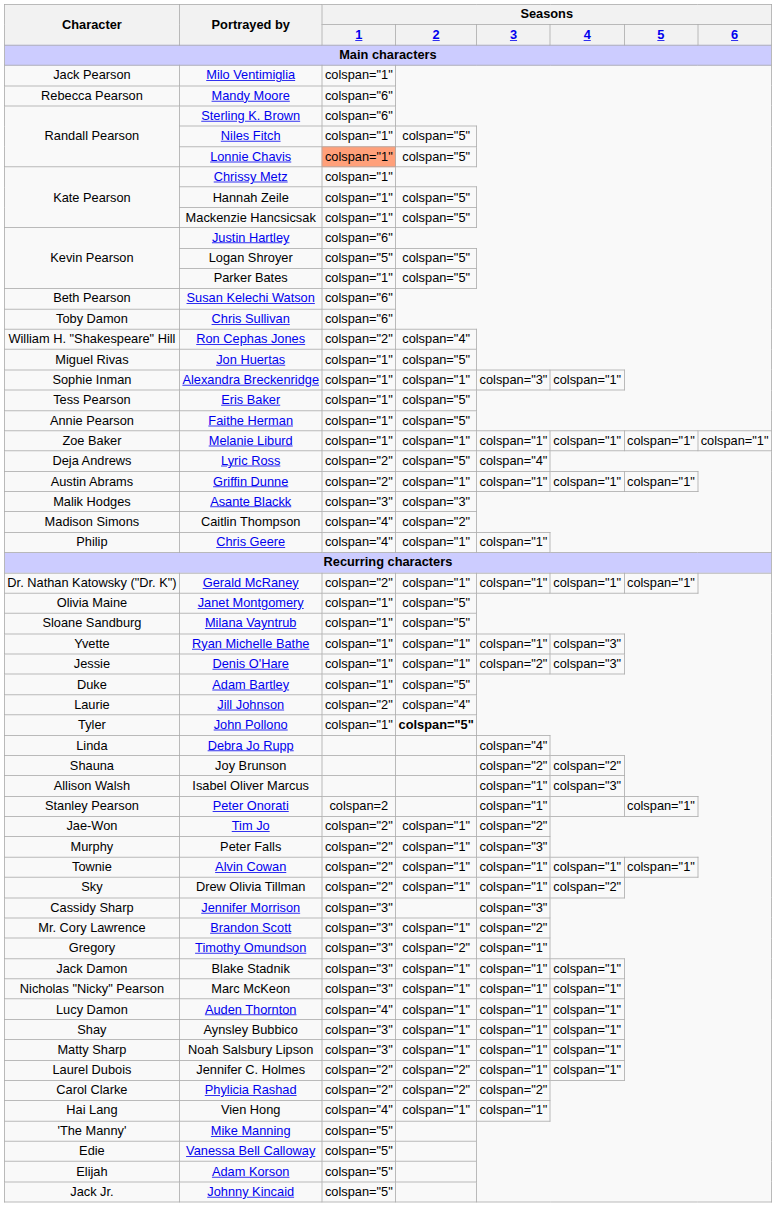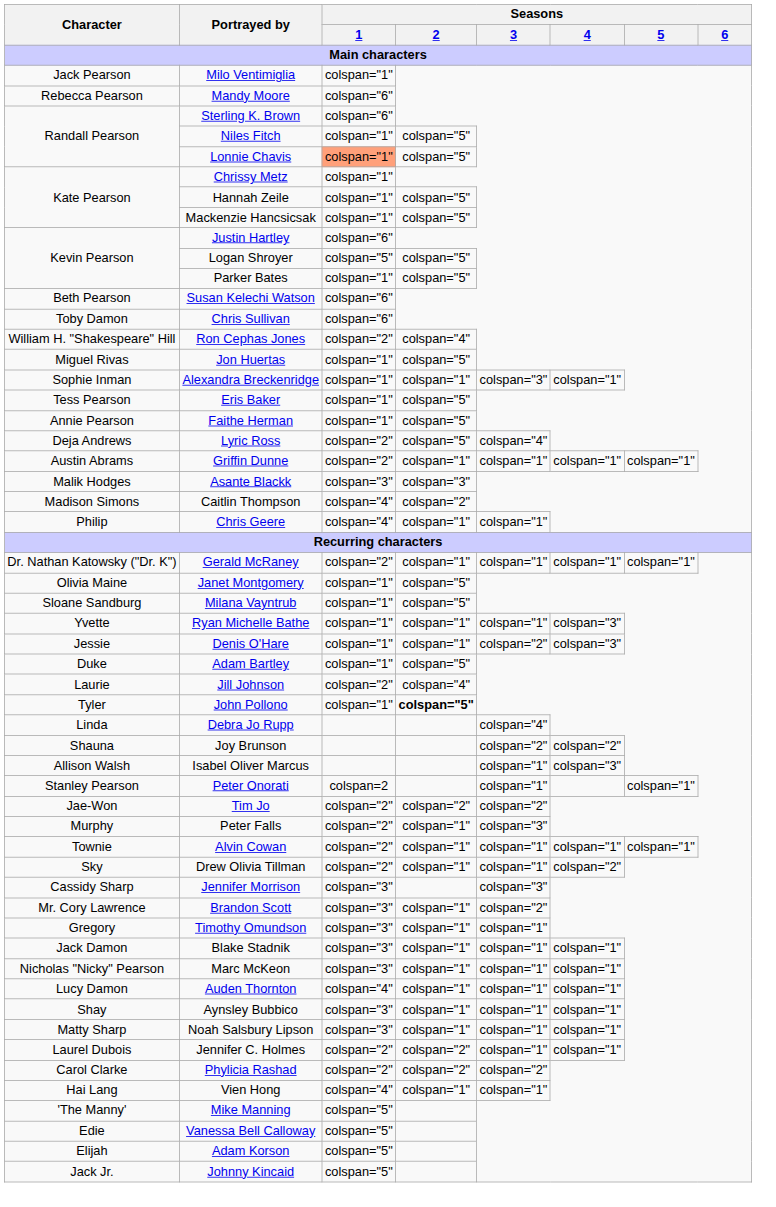 <table class="wikitable plainrowheaders" style="text-align:center;">
 <tr>
 <th scope="col" rowspan="2">Character</th>
 <th scope="col" rowspan="2">Portrayed by</th>
 <th scope="col" colspan="6">Seasons</th>
 </tr>
 <tr>
 <th colspan="1" style="width:60px;"><a href='#'>1</a></th>
 <th colspan="1" style="width:60px;"><a href='#'>2</a></th>
 <th colspan="1" style="width:60px;"><a href='#'>3</a></th>
 <th colspan="1" style="width:60px;"><a href='#'>4</a></th>
 <th colspan="1" style="width:60px;"><a href='#'>5</a></th>
 <th colspan="1" style="width:60px;"><a href='#'>6</a></th>
 </tr>
 <tr>
 <th colspan="8" style="background:#ccf;">Main characters</th>
 </tr>
 <tr>
 <td scope="row">Jack Pearson</td>
 <td><a href='#'>Milo Ventimiglia</a></td>
 <td>colspan="1" </td>
 </tr>
 <tr>
 <td scope="row">Rebecca Pearson</td>
 <td><a href='#'>Mandy Moore</a></td>
 <td>colspan="6" </td>
 </tr>
 <tr>
 <td rowspan="3">Randall Pearson</td>
 <td><a href='#'>Sterling K. Brown</a></td>
 <td>colspan="6" </td>
 </tr>
 <tr>
 <td><a href='#'>Niles Fitch</a></td>
 <td>colspan="1" </td>
 <td>colspan="5" </td>
 </tr>
 <tr>
 <td><a href='#'>Lonnie Chavis</a></td>
 <td style="background: lightsalmon;">colspan="1" </td>
 <td>colspan="5" </td>
 </tr>
 <tr>
 <td rowspan="3">Kate Pearson</td>
 <td><a href='#'>Chrissy Metz</a></td>
 <td>colspan="1" </td>
 </tr>
 <tr>
 <td>Hannah Zeile</td>
 <td>colspan="1" </td>
 <td>colspan="5" </td>
 </tr>
 <tr>
 <td>Mackenzie Hancsicsak</td>
 <td>colspan="1" </td>
 <td>colspan="5" </td>
 </tr>
 <tr>
 <td rowspan="3">Kevin Pearson</td>
 <td><a href='#'>Justin Hartley</a></td>
 <td>colspan="6" </td>
 </tr>
 <tr>
 <td>Logan Shroyer</td>
 <td>colspan="5" </td>
 <td>colspan="5" </td>
 </tr>
 <tr>
 <td>Parker Bates</td>
 <td>colspan="1" </td>
 <td>colspan="5" </td>
 </tr>
 <tr>
 <td scope="row">Beth Pearson</td>
 <td><a href='#'>Susan Kelechi Watson</a></td>
 <td>colspan="6" </td>
 </tr>
 <tr>
 <td scope="row">Toby Damon</td>
 <td><a href='#'>Chris Sullivan</a></td>
 <td>colspan="6" </td>
 </tr>
 <tr>
 <td scope="row">William H. "Shakespeare" Hill</td>
 <td><a href='#'>Ron Cephas Jones</a></td>
 <td>colspan="2" </td>
 <td>colspan="4" </td>
 </tr>
 <tr>
 <td scope="row">Miguel Rivas</td>
 <td><a href='#'>Jon Huertas</a></td>
 <td>colspan="1" </td>
 <td>colspan="5" </td>
 </tr>
 <tr>
 <td scope="row">Sophie Inman</td>
 <td><a href='#'>Alexandra Breckenridge</a></td>
 <td>colspan="1" </td>
 <td>colspan="1" </td>
 <td>colspan="3" </td>
 <td>colspan="1" </td>
 </tr>
 <tr>
 <td scope="row">Tess Pearson</td>
 <td><a href='#'>Eris Baker</a></td>
 <td>colspan="1" </td>
 <td>colspan="5" </td>
 </tr>
 <tr>
 <td scope="row">Annie Pearson</td>
 <td><a href='#'>Faithe Herman</a></td>
 <td>colspan="1" </td>
 <td>colspan="5" </td>
-</tr>
-<tr>
-<td scope="row">Zoe Baker</td>
-<td><a href='#'>Melanie Liburd</a></td>
-<td>colspan="1" </td>
-<td>colspan="1" </td>
-<td>colspan="1" </td>
-<td>colspan="1" </td>
-<td>colspan="1" </td>
-<td>colspan="1" </td>
 </tr>
 <tr>
 <td scope="row">Deja Andrews</td>
 <td><a href='#'>Lyric Ross</a></td>
 <td>colspan="2" </td>
 <td>colspan="5" </td>
 <td>colspan="4" </td>
 </tr>
 <tr>
 <td scope="row">Austin Abrams</td>
 <td><a href='#'>Griffin Dunne</a></td>
 <td>colspan="2" </td>
 <td>colspan="1" </td>
 <td>colspan="1" </td>
 <td>colspan="1"  </td>
 <td>colspan="1" </td>
 </tr>
 <tr>
 <td scope="row">Malik Hodges</td>
 <td><a href='#'>Asante Blackk</a></td>
 <td>colspan="3" </td>
 <td>colspan="3" </td>
 </tr>
 <tr>
 <td scope="row">Madison Simons</td>
 <td>Caitlin Thompson</td>
 <td>colspan="4" </td>
 <td>colspan="2" </td>
 </tr>
 <tr>
 <td scope="row">Philip</td>
 <td><a href='#'>Chris Geere</a></td>
 <td>colspan="4" </td>
 <td>colspan="1" </td>
 <td>colspan="1" </td>
 </tr>
 <tr>
 <th colspan="8" style="background:#ccf;">Recurring characters</th>
 </tr>
 <tr>
 <td scope="row">Dr. Nathan Katowsky ("Dr. K")</td>
 <td><a href='#'>Gerald McRaney</a></td>
 <td>colspan="2" </td>
 <td>colspan="1" </td>
 <td>colspan="1" </td>
 <td>colspan="1" </td>
 <td>colspan="1" </td>
 </tr>
 <tr>
 <td scope="row">Olivia Maine</td>
 <td><a href='#'>Janet Montgomery</a></td>
 <td>colspan="1" </td>
 <td>colspan="5" </td>
 </tr>
 <tr>
 <td scope="row">Sloane Sandburg</td>
 <td><a href='#'>Milana Vayntrub</a></td>
 <td>colspan="1" </td>
 <td>colspan="5" </td>
 </tr>
 <tr>
 <td scope="row">Yvette</td>
 <td><a href='#'>Ryan Michelle Bathe</a></td>
 <td>colspan="1" </td>
 <td>colspan="1" </td>
 <td>colspan="1" </td>
 <td>colspan="3" </td>
 </tr>
 <tr>
 <td scope="row">Jessie</td>
 <td><a href='#'>Denis O'Hare</a></td>
 <td>colspan="1" </td>
 <td>colspan="1" </td>
 <td>colspan="2" </td>
 <td>colspan="3" </td>
 </tr>
 <tr>
 <td scope="row">Duke</td>
 <td><a href='#'>Adam Bartley</a></td>
 <td>colspan="1" </td>
 <td>colspan="5" </td>
 </tr>
 <tr>
 <td scope="row">Laurie</td>
 <td><a href='#'>Jill Johnson</a></td>
 <td>colspan="2" </td>
 <td>colspan="4" </td>
 </tr>
 <tr>
 <td scope="row">Tyler</td>
 <td><a href='#'>John Pollono</a></td>
 <td>colspan="1" </td>
 <td><strong>colspan="5" </strong></td>
 </tr>
 <tr>
 <td scope="row">Linda</td>
 <td><a href='#'>Debra Jo Rupp</a></td>
 <td></td>
 <td></td>
 <td>colspan="4" </td>
 </tr>
 <tr>
 <td scope="row">Shauna</td>
 <td>Joy Brunson</td>
 <td></td>
 <td></td>
 <td>colspan="2" </td>
 <td>colspan="2" </td>
 </tr>
 <tr>
 <td scope="row">Allison Walsh</td>
 <td>Isabel Oliver Marcus</td>
 <td></td>
 <td></td>
 <td>colspan="1" </td>
 <td>colspan="3" </td>
 </tr>
 <tr>
 <td scope="row">Stanley Pearson</td>
 <td><a href='#'>Peter Onorati</a></td>
 <td>colspan=2 </td>
 <td></td>
 <td>colspan="1" </td>
 <td></td>
 <td>colspan="1" </td>
 </tr>
 <tr>
 <td scope="row">Jae-Won</td>
 <td><a href='#'>Tim Jo</a></td>
 <td>colspan="2" </td>
-<td>colspan="1" </td>
+<td>colspan="2" </td>
 <td>colspan="2" </td>
 </tr>
 <tr>
 <td scope="row">Murphy</td>
 <td>Peter Falls</td>
 <td>colspan="2" </td>
 <td>colspan="1" </td>
 <td>colspan="3" </td>
 </tr>
 <tr>
 <td scope="row">Townie</td>
 <td><a href='#'>Alvin Cowan</a></td>
 <td>colspan="2" </td>
 <td>colspan="1" </td>
 <td>colspan="1" </td>
 <td>colspan="1" </td>
 <td>colspan="1" </td>
 </tr>
 <tr>
 <td scope="row">Sky</td>
 <td>Drew Olivia Tillman</td>
 <td>colspan="2" </td>
 <td>colspan="1" </td>
 <td>colspan="1" </td>
 <td>colspan="2" </td>
 </tr>
 <tr>
 <td scope="row">Cassidy Sharp</td>
 <td><a href='#'>Jennifer Morrison</a></td>
 <td>colspan="3" </td>
 <td></td>
 <td>colspan="3" </td>
 </tr>
 <tr>
 <td scope="row">Mr. Cory Lawrence</td>
 <td><a href='#'>Brandon Scott</a></td>
 <td>colspan="3" </td>
 <td>colspan="1" </td>
 <td>colspan="2" </td>
 </tr>
 <tr>
 <td scope="row">Gregory</td>
 <td><a href='#'>Timothy Omundson</a></td>
 <td>colspan="3" </td>
-<td>colspan="2" </td>
+<td>colspan="1" </td>
 <td>colspan="1" </td>
 </tr>
 <tr>
 <td scope="row">Jack Damon</td>
 <td>Blake Stadnik</td>
 <td>colspan="3" </td>
 <td>colspan="1" </td>
 <td>colspan="1" </td>
 <td>colspan="1" </td>
 </tr>
 <tr>
 <td scope="row">Nicholas "Nicky" Pearson</td>
 <td>Marc McKeon</td>
 <td>colspan="3" </td>
 <td>colspan="1" </td>
 <td>colspan="1" </td>
 <td>colspan="1" </td>
 </tr>
 <tr>
 <td scope="row">Lucy Damon</td>
 <td><a href='#'>Auden Thornton</a></td>
 <td>colspan="4" </td>
 <td>colspan="1" </td>
 <td>colspan="1" </td>
 <td>colspan="1" </td>
 </tr>
 <tr>
 <td scope="row">Shay</td>
 <td>Aynsley Bubbico</td>
 <td>colspan="3" </td>
 <td>colspan="1" </td>
 <td>colspan="1" </td>
 <td>colspan="1" </td>
 </tr>
 <tr>
 <td scope="row">Matty Sharp</td>
 <td>Noah Salsbury Lipson</td>
 <td>colspan="3" </td>
 <td>colspan="1" </td>
 <td>colspan="1" </td>
 <td>colspan="1" </td>
 </tr>
 <tr>
 <td scope="row">Laurel Dubois</td>
 <td>Jennifer C. Holmes</td>
 <td>colspan="2" </td>
 <td>colspan="2" </td>
 <td>colspan="1" </td>
 <td>colspan="1" </td>
 </tr>
 <tr>
 <td scope="row">Carol Clarke</td>
 <td><a href='#'>Phylicia Rashad</a></td>
 <td>colspan="2" </td>
 <td>colspan="2" </td>
 <td>colspan="2" </td>
 </tr>
 <tr>
 <td scope="row">Hai Lang</td>
 <td>Vien Hong</td>
 <td>colspan="4" </td>
 <td>colspan="1" </td>
 <td>colspan="1" </td>
 </tr>
 <tr>
 <td scope="row">'The Manny'</td>
 <td><a href='#'>Mike Manning</a></td>
 <td>colspan="5" </td>
 <td></td>
 </tr>
 <tr>
 <td scope="row">Edie</td>
 <td><a href='#'>Vanessa Bell Calloway</a></td>
 <td>colspan="5" </td>
 <td></td>
 </tr>
 <tr>
 <td scope="row">Elijah</td>
 <td><a href='#'>Adam Korson</a></td>
 <td>colspan="5" </td>
 <td></td>
 </tr>
 <tr>
 <td scope="row">Jack Jr.</td>
 <td><a href='#'>Johnny Kincaid</a></td>
 <td>colspan="5" </td>
 <td></td>
 </tr>
 </table>
